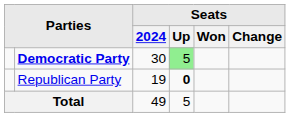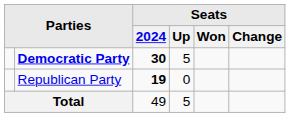 <table class=wikitable>
 <tr>
 <th style="background-color:#E9E9E9" align=center rowspan=2 colspan=2>Parties</th>
 <th style="background-color:#E9E9E9" align=center colspan=5>Seats</th>
 </tr>
 <tr>
 <th><a href='#'>2024</a></th>
 <th>Up</th>
 <th>Won</th>
 <th>Change</th>
 </tr>
 <tr>
 <td style="background-color:"> </td>
 <td><strong><a href='#'>Democratic Party</a></strong></td>
-<td align=right>30</td>
-<td align=right style="background: lightgreen;">5</td>
+<td align=right><strong>30</strong></td>
+<td align=right>5</td>
 <td align=right></td>
 <td align=right></td>
 </tr>
 <tr>
 <td style="background-color:"> </td>
 <td><a href='#'>Republican Party</a></td>
-<td align=right>19</td>
-<td align=right><strong>0</strong></td>
+<td align=right><strong>19</strong></td>
+<td align=right>0</td>
 <td align=right></td>
 <td align=right></td>
 </tr>
 <tr>
 <th colspan=2>Total</th>
 <td align=right>49</td>
 <td align=right>5</td>
 <td align=right></td>
 <td align=right></td>
 </tr>
 </table>
